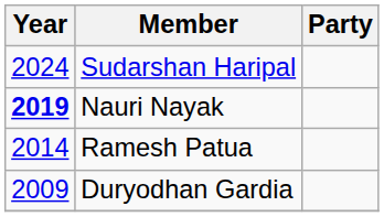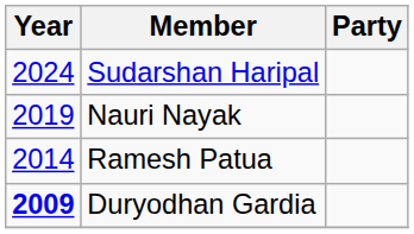 <table class="wikitable sortable">
 <tr>
 <th>Year</th>
 <th>Member</th>
 <th colspan=2>Party</th>
 </tr>
 <tr>
 <td><a href='#'>2024</a></td>
 <td><a href='#'>Sudarshan Haripal</a></td>
 <td></td>
 </tr>
 <tr>
-<td><strong><a href='#'>2019</a></strong></td>
+<td><a href='#'>2019</a></td>
 <td>Nauri Nayak</td>
 <td></td>
 </tr>
 <tr>
 <td><a href='#'>2014</a></td>
 <td>Ramesh Patua</td>
 <td></td>
 </tr>
 <tr>
-<td><a href='#'>2009</a></td>
+<td><strong><a href='#'>2009</a></strong></td>
 <td>Duryodhan Gardia</td>
 <td></td>
 </tr>
 <tr>
 </tr>
 </table>
